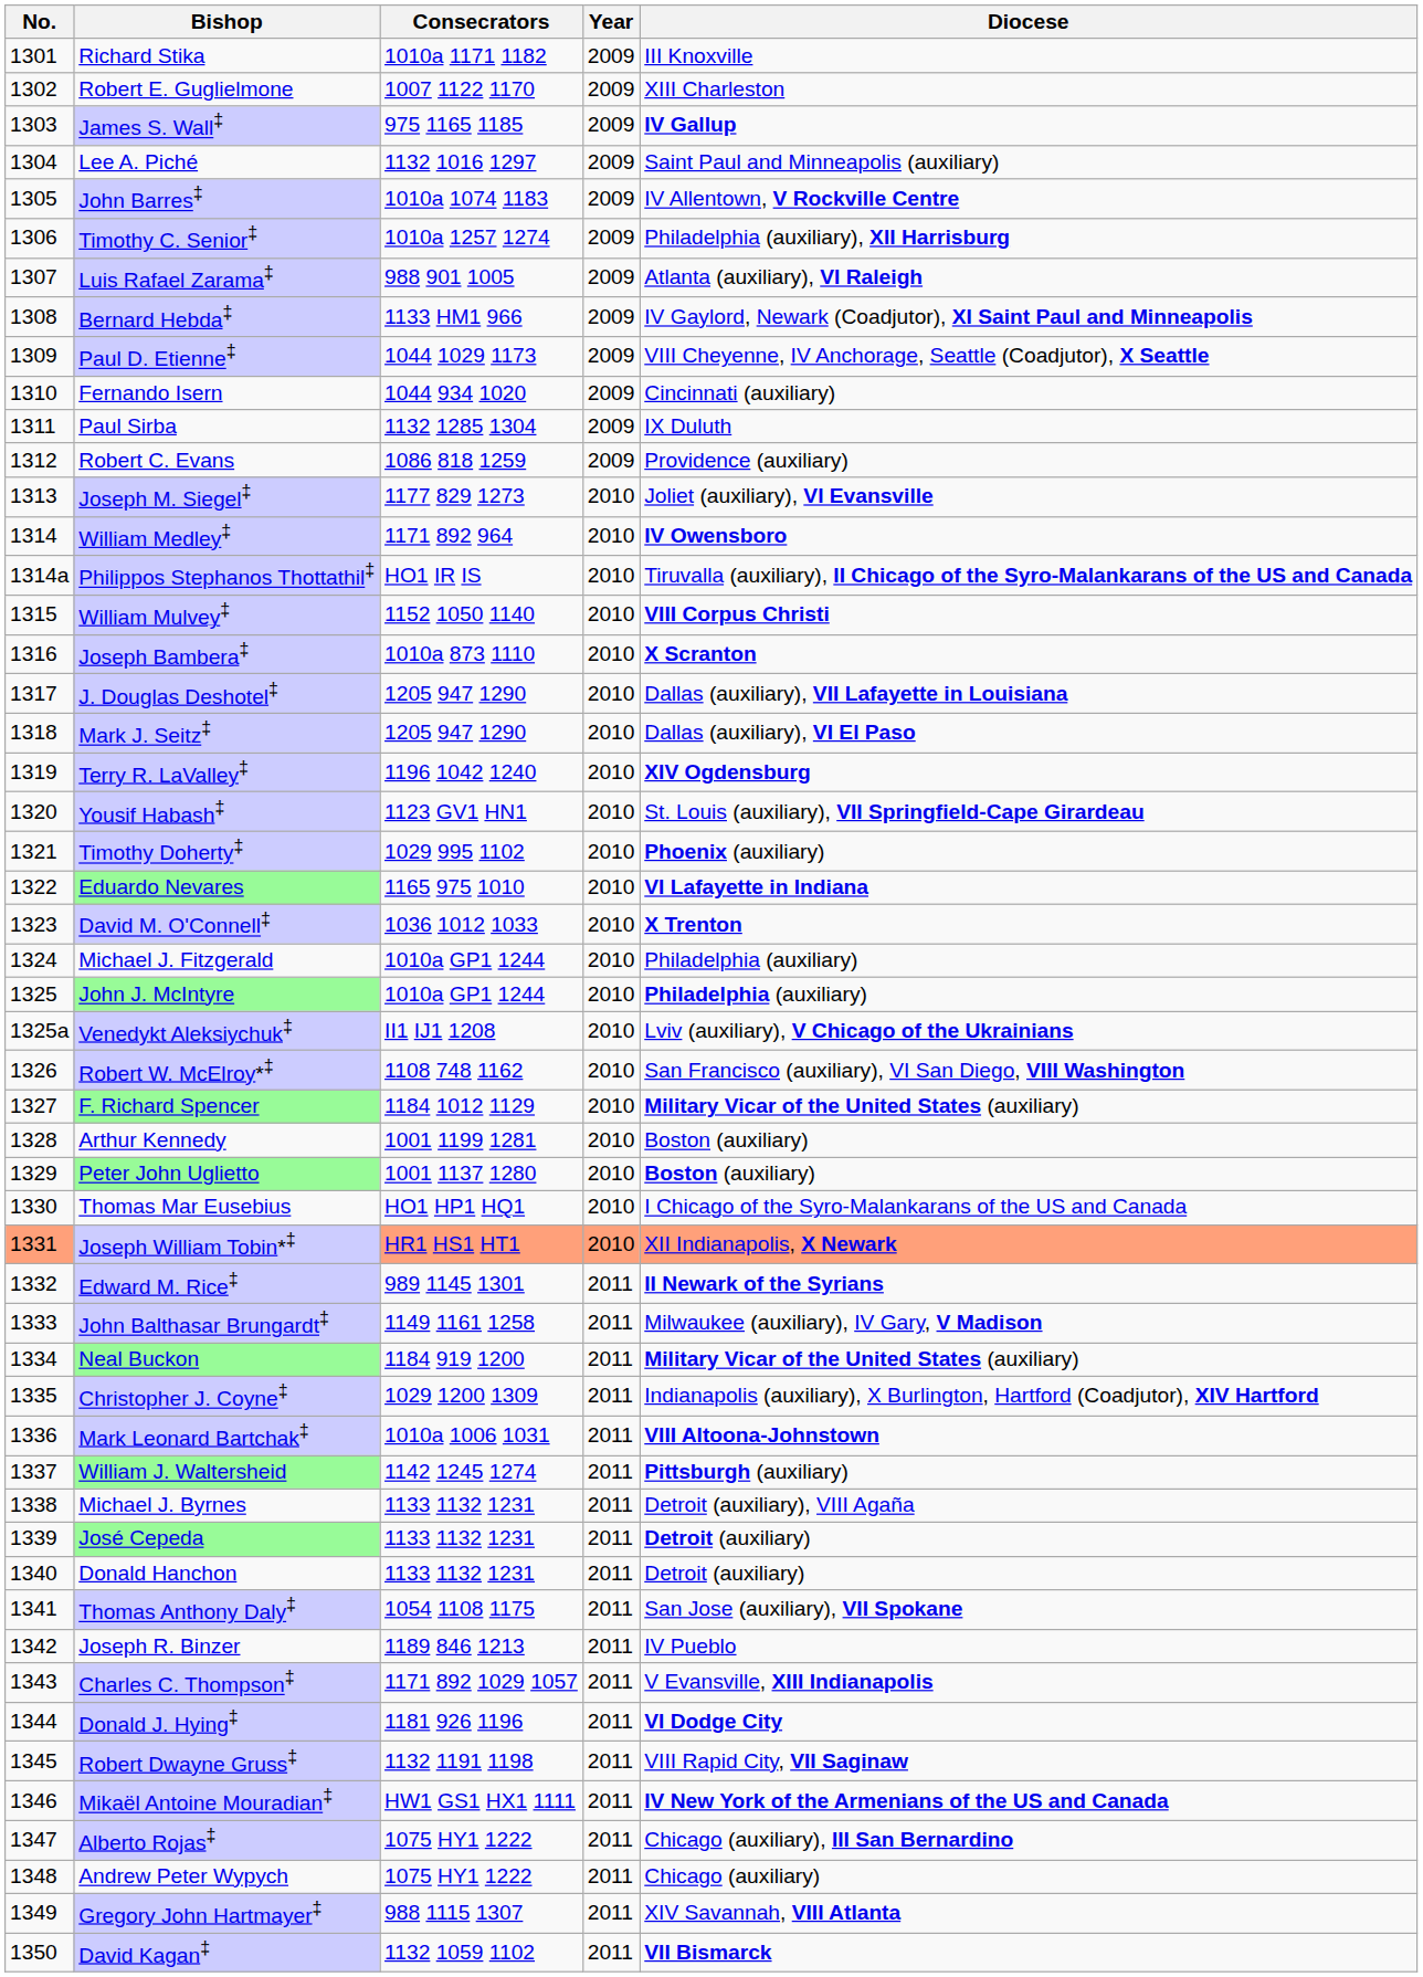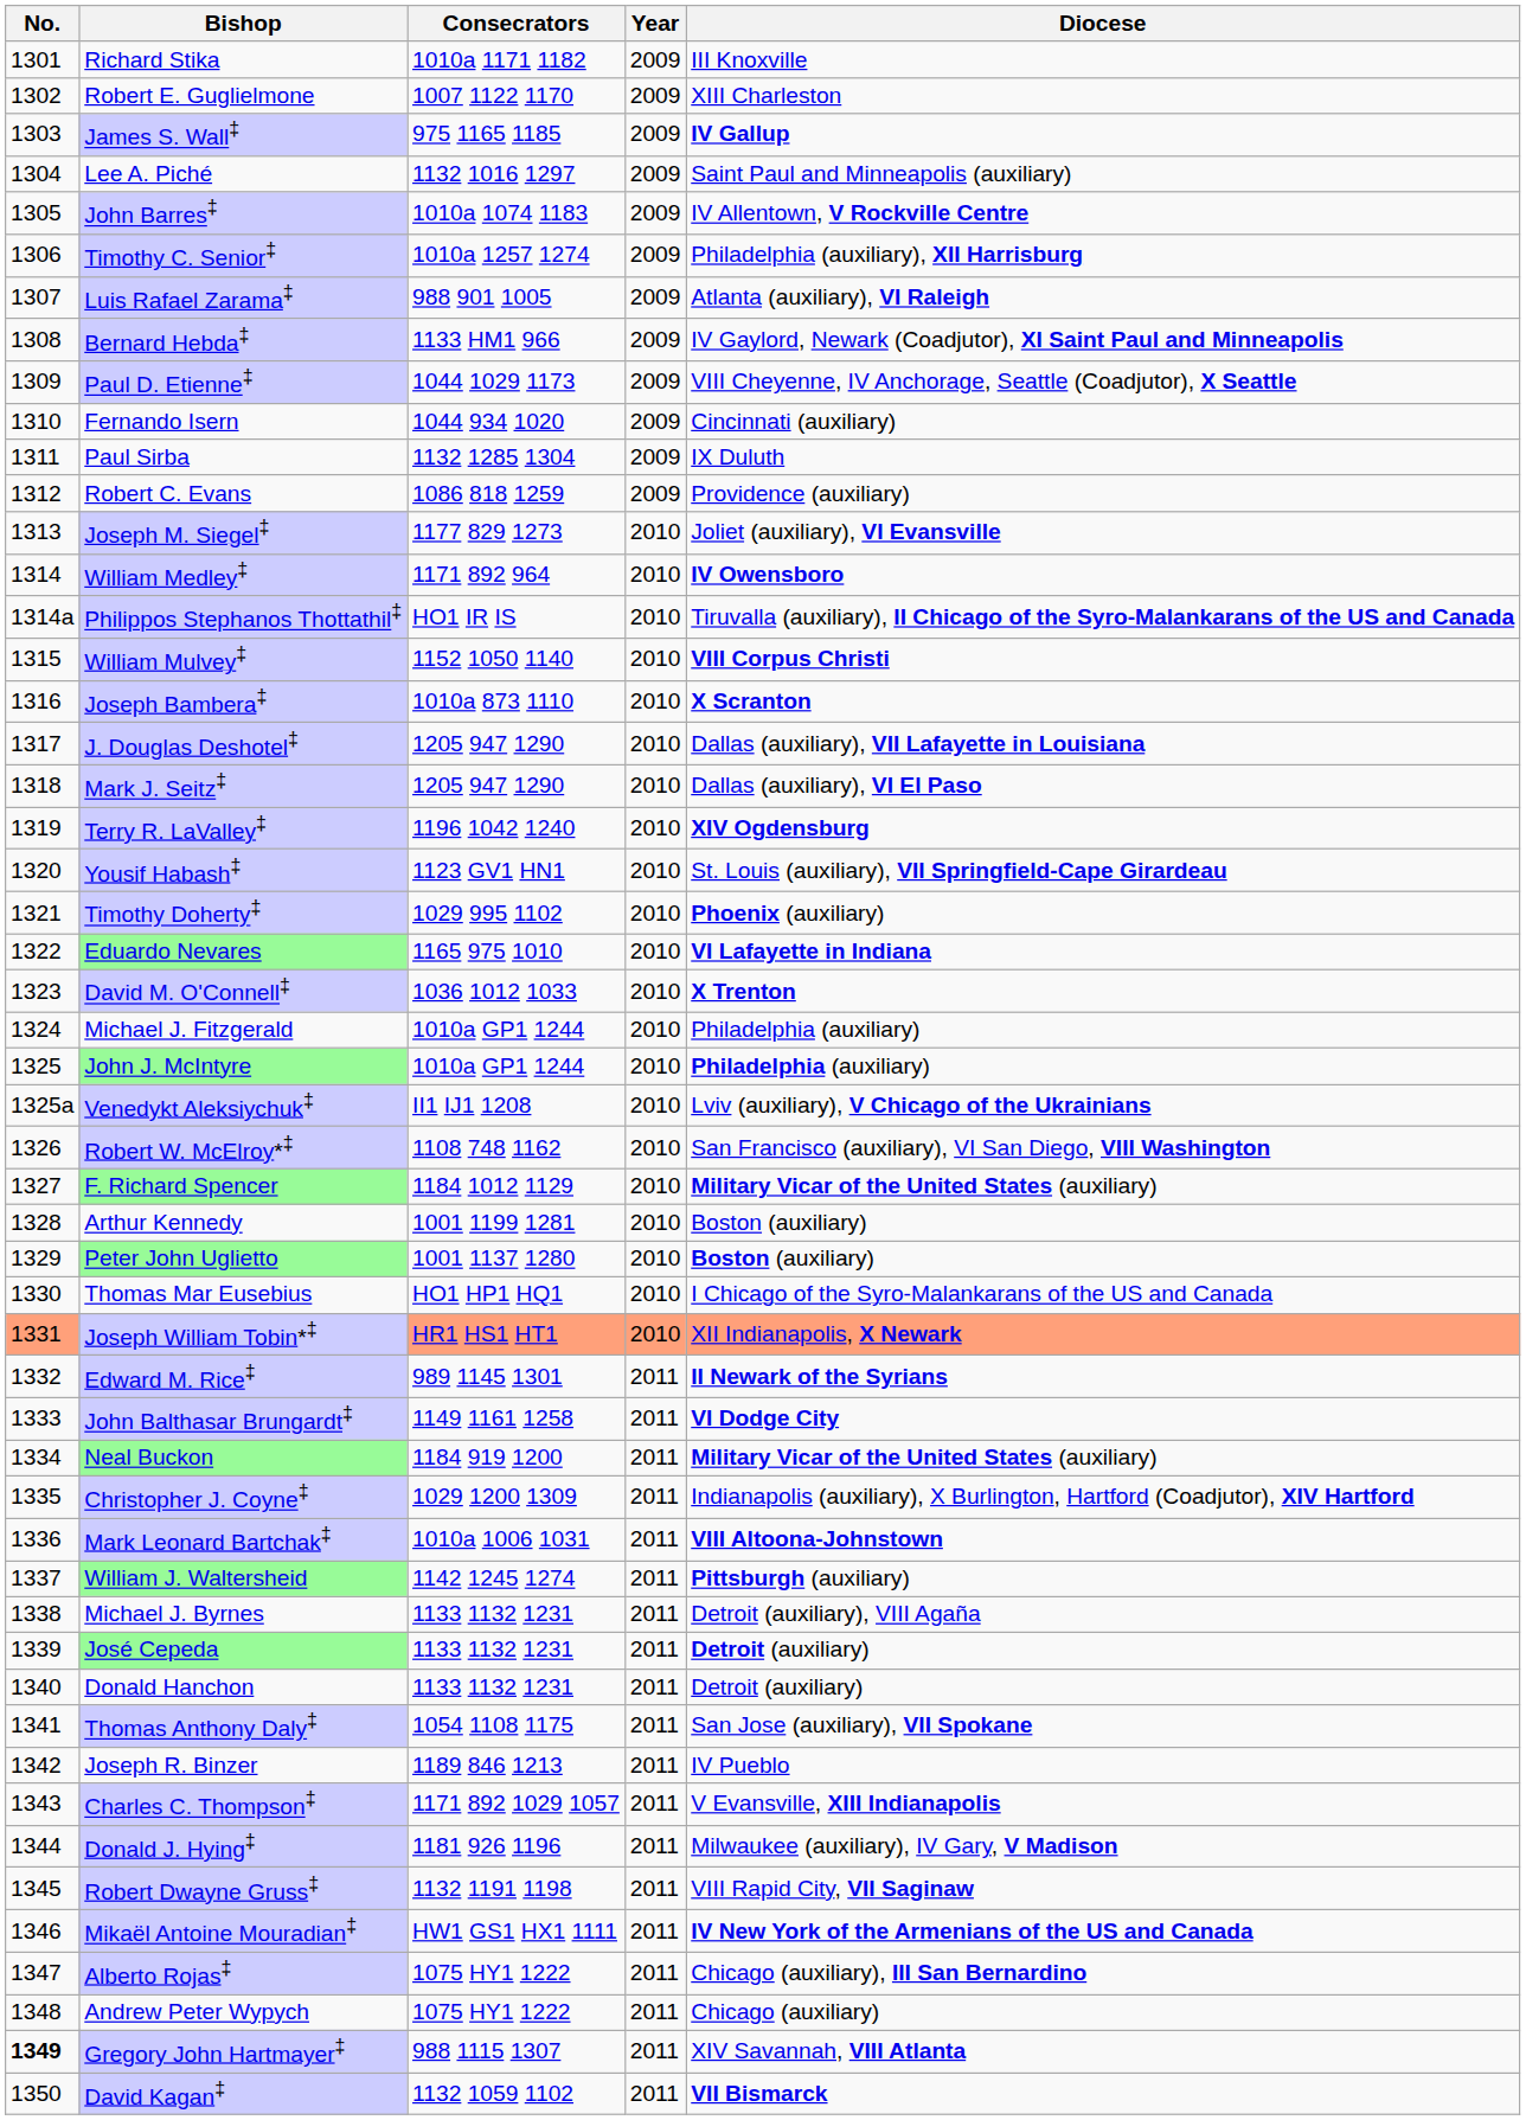 <table class="wikitable">
 <tr>
 <th>No.</th>
 <th>Bishop</th>
 <th>Consecrators</th>
 <th>Year</th>
 <th>Diocese</th>
 </tr>
 <tr>
 <td>1301</td>
 <td><a href='#'>Richard Stika</a></td>
 <td><a href='#'>1010a</a> <a href='#'>1171</a> <a href='#'>1182</a></td>
 <td>2009</td>
 <td><a href='#'>III Knoxville</a></td>
 </tr>
 <tr>
 <td>1302</td>
 <td><a href='#'>Robert E. Guglielmone</a></td>
 <td><a href='#'>1007</a> <a href='#'>1122</a> <a href='#'>1170</a></td>
 <td>2009</td>
 <td><a href='#'>XIII Charleston</a></td>
 </tr>
 <tr>
 <td>1303</td>
 <td bgcolor="ccccff"><a href='#'>James S. Wall</a><sup>‡</sup></td>
 <td><a href='#'>975</a> <a href='#'>1165</a> <a href='#'>1185</a></td>
 <td>2009</td>
 <td><strong><a href='#'>IV Gallup</a></strong></td>
 </tr>
 <tr>
 <td>1304</td>
 <td><a href='#'>Lee A. Piché</a></td>
 <td><a href='#'>1132</a> <a href='#'>1016</a> <a href='#'>1297</a></td>
 <td>2009</td>
 <td><a href='#'>Saint Paul and Minneapolis</a> (auxiliary)</td>
 </tr>
 <tr>
 <td>1305</td>
 <td bgcolor="ccccff"><a href='#'>John Barres</a><sup>‡</sup></td>
 <td><a href='#'>1010a</a> <a href='#'>1074</a> <a href='#'>1183</a></td>
 <td>2009</td>
 <td><a href='#'>IV Allentown</a>, <strong><a href='#'>V Rockville Centre</a></strong></td>
 </tr>
 <tr>
 <td>1306</td>
 <td bgcolor="ccccff"><a href='#'>Timothy C. Senior</a><sup>‡</sup></td>
 <td><a href='#'>1010a</a> <a href='#'>1257</a> <a href='#'>1274</a></td>
 <td>2009</td>
 <td><a href='#'>Philadelphia</a> (auxiliary), <strong><a href='#'>XII Harrisburg</a></strong></td>
 </tr>
 <tr>
 <td>1307</td>
 <td bgcolor="#ccccff"><a href='#'>Luis Rafael Zarama</a><sup>‡</sup></td>
 <td><a href='#'>988</a> <a href='#'>901</a> <a href='#'>1005</a></td>
 <td>2009</td>
 <td><a href='#'>Atlanta</a> (auxiliary), <strong><a href='#'>VI Raleigh</a></strong></td>
 </tr>
 <tr>
 <td>1308</td>
 <td bgcolor="ccccff"><a href='#'>Bernard Hebda</a><sup>‡</sup></td>
 <td><a href='#'>1133</a> <a href='#'>HM1</a> <a href='#'>966</a></td>
 <td>2009</td>
 <td><a href='#'>IV Gaylord</a>, <a href='#'>Newark</a> (Coadjutor), <strong><a href='#'>XI Saint Paul and Minneapolis</a></strong></td>
 </tr>
 <tr>
 <td>1309</td>
 <td bgcolor="ccccff"><a href='#'>Paul D. Etienne</a><sup>‡</sup></td>
 <td><a href='#'>1044</a> <a href='#'>1029</a> <a href='#'>1173</a></td>
 <td>2009</td>
 <td><a href='#'>VIII Cheyenne</a>, <a href='#'>IV Anchorage</a>, <a href='#'>Seattle</a> (Coadjutor), <strong><a href='#'>X Seattle</a></strong></td>
 </tr>
 <tr>
 <td>1310</td>
 <td><a href='#'>Fernando Isern</a></td>
 <td><a href='#'>1044</a> <a href='#'>934</a> <a href='#'>1020</a></td>
 <td>2009</td>
 <td><a href='#'>Cincinnati</a> (auxiliary)</td>
 </tr>
 <tr>
 <td>1311</td>
 <td><a href='#'>Paul Sirba</a></td>
 <td><a href='#'>1132</a> <a href='#'>1285</a> <a href='#'>1304</a></td>
 <td>2009</td>
 <td><a href='#'>IX Duluth</a></td>
 </tr>
 <tr>
 <td>1312</td>
 <td><a href='#'>Robert C. Evans</a></td>
 <td><a href='#'>1086</a> <a href='#'>818</a> <a href='#'>1259</a></td>
 <td>2009</td>
 <td><a href='#'>Providence</a>  (auxiliary)</td>
 </tr>
 <tr>
 <td>1313</td>
 <td bgcolor="#ccccff"><a href='#'>Joseph M. Siegel</a><sup>‡</sup></td>
 <td><a href='#'>1177</a> <a href='#'>829</a> <a href='#'>1273</a></td>
 <td>2010</td>
 <td><a href='#'>Joliet</a> (auxiliary), <strong><a href='#'>VI Evansville</a></strong></td>
 </tr>
 <tr>
 <td>1314</td>
 <td bgcolor="ccccff"><a href='#'>William Medley</a><sup>‡</sup></td>
 <td><a href='#'>1171</a> <a href='#'>892</a> <a href='#'>964</a></td>
 <td>2010</td>
 <td><strong><a href='#'>IV Owensboro</a></strong></td>
 </tr>
 <tr>
 <td>1314a</td>
 <td bgcolor="ccccff"><a href='#'>Philippos Stephanos Thottathil</a><sup>‡</sup></td>
 <td><a href='#'>HO1</a> <a href='#'>IR</a> <a href='#'>IS</a></td>
 <td>2010</td>
 <td><a href='#'>Tiruvalla</a> (auxiliary), <strong><a href='#'>II Chicago of the Syro-Malankarans of the US and Canada</a></strong></td>
 </tr>
 <tr>
 <td>1315</td>
 <td bgcolor="ccccff"><a href='#'>William Mulvey</a><sup>‡</sup></td>
 <td><a href='#'>1152</a> <a href='#'>1050</a> <a href='#'>1140</a></td>
 <td>2010</td>
 <td><strong><a href='#'>VIII Corpus Christi</a></strong></td>
 </tr>
 <tr>
 <td>1316</td>
 <td bgcolor="ccccff"><a href='#'>Joseph Bambera</a><sup>‡</sup></td>
 <td><a href='#'>1010a</a> <a href='#'>873</a> <a href='#'>1110</a></td>
 <td>2010</td>
 <td><strong><a href='#'>X Scranton</a></strong></td>
 </tr>
 <tr>
 <td>1317</td>
 <td bgcolor="ccccff"><a href='#'>J. Douglas Deshotel</a><sup>‡</sup></td>
 <td><a href='#'>1205</a> <a href='#'>947</a> <a href='#'>1290</a></td>
 <td>2010</td>
 <td><a href='#'>Dallas</a> (auxiliary), <strong><a href='#'>VII Lafayette in Louisiana</a></strong></td>
 </tr>
 <tr>
 <td>1318</td>
 <td bgcolor="ccccff"><a href='#'>Mark J. Seitz</a><sup>‡</sup></td>
 <td><a href='#'>1205</a> <a href='#'>947</a> <a href='#'>1290</a></td>
 <td>2010</td>
 <td><a href='#'>Dallas</a> (auxiliary), <strong><a href='#'>VI El Paso</a></strong></td>
 </tr>
 <tr>
 <td>1319</td>
 <td bgcolor="ccccff"><a href='#'>Terry R. LaValley</a><sup>‡</sup></td>
 <td><a href='#'>1196</a> <a href='#'>1042</a> <a href='#'>1240</a></td>
 <td>2010</td>
 <td><strong><a href='#'>XIV Ogdensburg</a></strong></td>
 </tr>
 <tr>
 <td>1320</td>
 <td bgcolor="ccccff"><a href='#'>Yousif Habash</a><sup>‡</sup></td>
 <td><a href='#'>1123</a> <a href='#'>GV1</a> <a href='#'>HN1</a></td>
 <td>2010</td>
 <td><a href='#'>St. Louis</a> (auxiliary), <strong><a href='#'>VII Springfield-Cape Girardeau</a></strong></td>
 </tr>
 <tr>
 <td>1321</td>
 <td bgcolor="ccccff"><a href='#'>Timothy Doherty</a><sup>‡</sup></td>
 <td><a href='#'>1029</a> <a href='#'>995</a> <a href='#'>1102</a></td>
 <td>2010</td>
 <td><strong><a href='#'>Phoenix</a></strong> (auxiliary)</td>
 </tr>
 <tr>
 <td>1322</td>
 <td bgcolor="#98FB98"><a href='#'>Eduardo Nevares</a></td>
 <td><a href='#'>1165</a> <a href='#'>975</a> <a href='#'>1010</a></td>
 <td>2010</td>
 <td><strong><a href='#'>VI Lafayette in Indiana</a></strong></td>
 </tr>
 <tr>
 <td>1323</td>
 <td bgcolor="ccccff"><a href='#'>David M. O'Connell</a><sup>‡</sup></td>
 <td><a href='#'>1036</a> <a href='#'>1012</a> <a href='#'>1033</a></td>
 <td>2010</td>
 <td><strong><a href='#'>X Trenton</a></strong></td>
 </tr>
 <tr>
 <td>1324</td>
 <td><a href='#'>Michael J. Fitzgerald</a></td>
 <td><a href='#'>1010a</a> <a href='#'>GP1</a> <a href='#'>1244</a></td>
 <td>2010</td>
 <td><a href='#'>Philadelphia</a> (auxiliary)</td>
 </tr>
 <tr>
 <td>1325</td>
 <td bgcolor="#98FB98"><a href='#'>John J. McIntyre</a></td>
 <td><a href='#'>1010a</a> <a href='#'>GP1</a> <a href='#'>1244</a></td>
 <td>2010</td>
 <td><strong><a href='#'>Philadelphia</a></strong> (auxiliary)</td>
 </tr>
 <tr>
 <td>1325a</td>
 <td bgcolor="ccccff"><a href='#'>Venedykt Aleksiychuk</a><sup>‡</sup></td>
 <td><a href='#'>II1</a> <a href='#'>IJ1</a> <a href='#'>1208</a></td>
 <td>2010</td>
 <td><a href='#'>Lviv</a> (auxiliary), <strong><a href='#'>V Chicago of the Ukrainians</a></strong></td>
 </tr>
 <tr -bgcolor="#FFA07A">
 <td>1326</td>
 <td bgcolor="ccccff"><a href='#'>Robert W. McElroy</a>*<sup>‡</sup></td>
 <td><a href='#'>1108</a> <a href='#'>748</a> <a href='#'>1162</a></td>
 <td>2010</td>
 <td><a href='#'>San Francisco</a> (auxiliary), <a href='#'>VI San Diego</a>, <strong><a href='#'>VIII Washington</a></strong></td>
 </tr>
 <tr>
 <td>1327</td>
 <td bgcolor="#98FB98"><a href='#'>F. Richard Spencer</a></td>
 <td><a href='#'>1184</a> <a href='#'>1012</a> <a href='#'>1129</a></td>
 <td>2010</td>
 <td><strong><a href='#'>Military Vicar of the United States</a></strong> (auxiliary)</td>
 </tr>
 <tr>
 <td>1328</td>
 <td><a href='#'>Arthur Kennedy</a></td>
 <td><a href='#'>1001</a> <a href='#'>1199</a> <a href='#'>1281</a></td>
 <td>2010</td>
 <td><a href='#'>Boston</a> (auxiliary)</td>
 </tr>
 <tr>
 <td>1329</td>
 <td bgcolor="#98FB98"><a href='#'>Peter John Uglietto</a></td>
 <td><a href='#'>1001</a> <a href='#'>1137</a> <a href='#'>1280</a></td>
 <td>2010</td>
 <td><strong><a href='#'>Boston</a></strong> (auxiliary)</td>
 </tr>
 <tr>
 <td>1330</td>
 <td><a href='#'>Thomas Mar Eusebius</a></td>
 <td><a href='#'>HO1</a> <a href='#'>HP1</a> <a href='#'>HQ1</a></td>
 <td>2010</td>
 <td><a href='#'>I Chicago of the Syro-Malankarans of the US and Canada</a></td>
 </tr>
 <tr bgcolor="#FFA07A">
 <td>1331</td>
 <td bgcolor="ccccff"><a href='#'>Joseph William Tobin</a>*<sup>‡</sup></td>
 <td><a href='#'>HR1</a> <a href='#'>HS1</a> <a href='#'>HT1</a></td>
 <td>2010</td>
 <td><a href='#'>XII Indianapolis</a>, <strong><a href='#'>X Newark</a></strong></td>
 </tr>
 <tr>
 <td>1332</td>
 <td bgcolor="ccccff"><a href='#'>Edward M. Rice</a><sup>‡</sup></td>
 <td><a href='#'>989</a> <a href='#'>1145</a> <a href='#'>1301</a></td>
 <td>2011</td>
 <td><strong><a href='#'>II Newark of the Syrians</a></strong></td>
 </tr>
 <tr>
 <td>1333</td>
 <td bgcolor="ccccff"><a href='#'>John Balthasar Brungardt</a><sup>‡</sup></td>
 <td><a href='#'>1149</a> <a href='#'>1161</a> <a href='#'>1258</a></td>
 <td>2011</td>
-<td><a href='#'>Milwaukee</a> (auxiliary), <a href='#'>IV Gary</a>, <strong><a href='#'>V Madison</a></strong></td>
+<td><strong><a href='#'>VI Dodge City</a></strong></td>
 </tr>
 <tr>
 <td>1334</td>
 <td bgcolor="#98FB98"><a href='#'>Neal Buckon</a></td>
 <td><a href='#'>1184</a> <a href='#'>919</a> <a href='#'>1200</a></td>
 <td>2011</td>
 <td><strong><a href='#'>Military Vicar of the United States</a></strong> (auxiliary)</td>
 </tr>
 <tr>
 <td>1335</td>
 <td bgcolor="ccccff"><a href='#'>Christopher J. Coyne</a><sup>‡</sup></td>
 <td><a href='#'>1029</a> <a href='#'>1200</a> <a href='#'>1309</a></td>
 <td>2011</td>
 <td><a href='#'>Indianapolis</a> (auxiliary), <a href='#'>X Burlington</a>, <a href='#'>Hartford</a> (Coadjutor), <strong><a href='#'>XIV Hartford</a></strong></td>
 </tr>
 <tr>
 <td>1336</td>
 <td bgcolor="ccccff"><a href='#'>Mark Leonard Bartchak</a><sup>‡</sup></td>
 <td><a href='#'>1010a</a> <a href='#'>1006</a> <a href='#'>1031</a></td>
 <td>2011</td>
 <td><strong><a href='#'>VIII Altoona-Johnstown</a></strong></td>
 </tr>
 <tr>
 <td>1337</td>
 <td bgcolor="#98FB98"><a href='#'>William J. Waltersheid</a></td>
 <td><a href='#'>1142</a> <a href='#'>1245</a> <a href='#'>1274</a></td>
 <td>2011</td>
 <td><strong><a href='#'>Pittsburgh</a></strong> (auxiliary)</td>
 </tr>
 <tr>
 <td>1338</td>
 <td><a href='#'>Michael J. Byrnes</a></td>
 <td><a href='#'>1133</a> <a href='#'>1132</a> <a href='#'>1231</a></td>
 <td>2011</td>
 <td><a href='#'>Detroit</a> (auxiliary), <a href='#'>VIII Agaña</a></td>
 </tr>
 <tr>
 <td>1339</td>
 <td bgcolor="#98FB98"><a href='#'>José Cepeda</a></td>
 <td><a href='#'>1133</a> <a href='#'>1132</a> <a href='#'>1231</a></td>
 <td>2011</td>
 <td><strong><a href='#'>Detroit</a></strong> (auxiliary)</td>
 </tr>
 <tr>
 <td>1340</td>
 <td><a href='#'>Donald Hanchon</a></td>
 <td><a href='#'>1133</a> <a href='#'>1132</a> <a href='#'>1231</a></td>
 <td>2011</td>
 <td><a href='#'>Detroit</a> (auxiliary)</td>
 </tr>
 <tr>
 <td>1341</td>
 <td bgcolor="ccccff"><a href='#'>Thomas Anthony Daly</a><sup>‡</sup></td>
 <td><a href='#'>1054</a> <a href='#'>1108</a> <a href='#'>1175</a></td>
 <td>2011</td>
 <td><a href='#'>San Jose</a> (auxiliary), <strong><a href='#'>VII Spokane</a></strong></td>
 </tr>
 <tr>
 <td>1342</td>
 <td><a href='#'>Joseph R. Binzer</a></td>
 <td><a href='#'>1189</a> <a href='#'>846</a> <a href='#'>1213</a></td>
 <td>2011</td>
 <td><a href='#'>IV Pueblo</a></td>
 </tr>
 <tr>
 <td>1343</td>
 <td bgcolor="ccccff"><a href='#'>Charles C. Thompson</a><sup>‡</sup></td>
 <td><a href='#'>1171</a> <a href='#'>892</a> <a href='#'>1029</a> <a href='#'>1057</a></td>
 <td>2011</td>
 <td><a href='#'>V Evansville</a>, <strong><a href='#'>XIII Indianapolis</a></strong></td>
 </tr>
 <tr>
 <td>1344</td>
 <td bgcolor="ccccff"><a href='#'>Donald J. Hying</a><sup>‡</sup></td>
 <td><a href='#'>1181</a> <a href='#'>926</a> <a href='#'>1196</a></td>
 <td>2011</td>
-<td><strong><a href='#'>VI Dodge City</a></strong></td>
+<td><a href='#'>Milwaukee</a> (auxiliary), <a href='#'>IV Gary</a>, <strong><a href='#'>V Madison</a></strong></td>
 </tr>
 <tr>
 <td>1345</td>
 <td bgcolor="ccccff"><a href='#'>Robert Dwayne Gruss</a><sup>‡</sup></td>
 <td><a href='#'>1132</a> <a href='#'>1191</a> <a href='#'>1198</a></td>
 <td>2011</td>
 <td><a href='#'>VIII Rapid City</a>, <strong><a href='#'>VII Saginaw</a></strong></td>
 </tr>
 <tr>
 <td>1346</td>
 <td bgcolor="ccccff"><a href='#'>Mikaël Antoine Mouradian</a><sup>‡</sup></td>
 <td><a href='#'>HW1</a> <a href='#'>GS1</a> <a href='#'>HX1</a> <a href='#'>1111</a></td>
 <td>2011</td>
 <td><strong><a href='#'>IV New York of the Armenians of the US and Canada</a></strong></td>
 </tr>
 <tr>
 <td>1347</td>
 <td bgcolor="#ccccff"><a href='#'>Alberto Rojas</a><sup>‡</sup></td>
 <td><a href='#'>1075</a> <a href='#'>HY1</a> <a href='#'>1222</a></td>
 <td>2011</td>
 <td><a href='#'>Chicago</a> (auxiliary), <strong><a href='#'>III San Bernardino</a></strong></td>
 </tr>
 <tr>
 <td>1348</td>
 <td><a href='#'>Andrew Peter Wypych</a></td>
 <td><a href='#'>1075</a> <a href='#'>HY1</a> <a href='#'>1222</a></td>
 <td>2011</td>
 <td><a href='#'>Chicago</a> (auxiliary)</td>
 </tr>
 <tr>
-<td>1349</td>
+<td><strong>1349</strong></td>
 <td bgcolor="ccccff"><a href='#'>Gregory John Hartmayer</a><sup>‡</sup></td>
 <td><a href='#'>988</a> <a href='#'>1115</a> <a href='#'>1307</a></td>
 <td>2011</td>
 <td><a href='#'>XIV Savannah</a>, <strong><a href='#'>VIII Atlanta</a></strong></td>
 </tr>
 <tr>
 <td>1350</td>
 <td bgcolor="ccccff"><a href='#'>David Kagan</a><sup>‡</sup></td>
 <td><a href='#'>1132</a> <a href='#'>1059</a> <a href='#'>1102</a></td>
 <td>2011</td>
 <td><strong><a href='#'>VII Bismarck</a></strong></td>
 </tr>
 </table>
